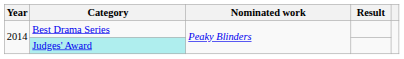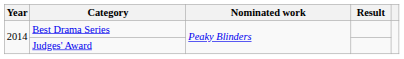 <table class="wikitable sortable">
 <tr>
 <th scope="col" style="width:1em;">Year</th>
 <th scope="col" style="width:39em;">Category</th>
 <th scope="col" style="width:40em;">Nominated work</th>
 <th scope="col" style="width:5em;">Result</th>
 <th scope="col" style="width:1em;"class="unsortable"></th>
 </tr>
 <tr>
 <td rowspan="2">2014</td>
 <td><a href='#'>Best Drama Series</a></td>
 <td rowspan="2"><em><a href='#'>Peaky Blinders</a></em></td>
 <td></td>
 <td rowspan="2"></td>
 </tr>
 <tr>
-<td style="background: paleturquoise;"><a href='#'>Judges' Award</a></td>
+<td><a href='#'>Judges' Award</a></td>
 <td></td>
 </tr>
 </table>
